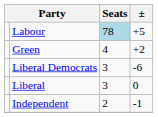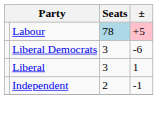 <table class="wikitable">
 <tr>
 <th colspan="2">Party</th>
 <th>Seats</th>
 <th>  ±  </th>
 </tr>
 <tr>
 <td style="background-color: "></td>
 <td><a href='#'>Labour</a></td>
 <td style="background: lightblue;">78</td>
-<td>+5</td>
-</tr>
-<tr>
-<td style="background-color: "></td>
-<td><a href='#'>Green</a></td>
-<td>4</td>
-<td>+2</td>
+<td style="background: pink;">+5</td>
 </tr>
 <tr>
 <td style="background-color: "></td>
 <td><a href='#'>Liberal Democrats</a></td>
 <td>3</td>
 <td>-6</td>
 </tr>
 <tr>
 <td style="background-color: "></td>
 <td><a href='#'>Liberal</a></td>
 <td>3</td>
-<td>0</td>
+<td>1</td>
 </tr>
 <tr>
 <td style="background-color: "></td>
 <td><a href='#'>Independent</a></td>
 <td>2</td>
 <td>-1</td>
 </tr>
 <tr>
 </tr>
 </table>
